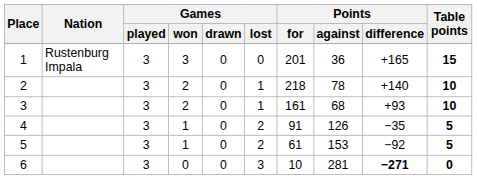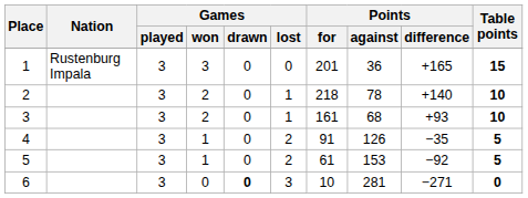 <table class="wikitable">
 <tr>
 <th rowspan=2 width="8%">Place</th>
 <th rowspan=2 width="20%">Nation</th>
 <th colspan=4 width="32%">Games</th>
 <th colspan=3 width="30%">Points</th>
 <th rowspan=2 width="10%">Table<br>points</th>
 </tr>
 <tr>
 <th width="8%">played</th>
 <th width="8%">won</th>
 <th width="8%">drawn</th>
 <th width="8%">lost</th>
 <th width="10%">for</th>
 <th width="10%">against</th>
 <th width="10%">difference</th>
 </tr>
 <tr>
 </tr>
 <tr bgcolor=#ffffff align=center>
 <td>1</td>
 <td align=left> Rustenburg Impala</td>
 <td>3</td>
 <td>3</td>
 <td>0</td>
 <td>0</td>
 <td>201</td>
 <td>36</td>
 <td>+165</td>
 <td><strong>15</strong></td>
 </tr>
 <tr bgcolor=#ffffff align=center>
 <td>2</td>
 <td align=left></td>
 <td>3</td>
 <td>2</td>
 <td>0</td>
 <td>1</td>
 <td>218</td>
 <td>78</td>
 <td>+140</td>
 <td><strong>10</strong></td>
 </tr>
 <tr bgcolor=#ffffff align=center>
 <td>3</td>
 <td align=left></td>
 <td>3</td>
 <td>2</td>
 <td>0</td>
 <td>1</td>
 <td>161</td>
 <td>68</td>
 <td>+93</td>
 <td><strong>10</strong></td>
 </tr>
 <tr bgcolor=#ffffff align=center>
 <td>4</td>
 <td align=left></td>
 <td>3</td>
 <td>1</td>
 <td>0</td>
 <td>2</td>
 <td>91</td>
 <td>126</td>
 <td>−35</td>
 <td><strong>5</strong></td>
 </tr>
 <tr bgcolor=#ffffff align=center>
 <td>5</td>
 <td align=left></td>
 <td>3</td>
 <td>1</td>
 <td>0</td>
 <td>2</td>
 <td>61</td>
 <td>153</td>
 <td>−92</td>
 <td><strong>5</strong></td>
 </tr>
 <tr bgcolor=#ffffff align=center>
 <td>6</td>
 <td align=left></td>
 <td>3</td>
 <td>0</td>
-<td>0</td>
+<td><strong>0</strong></td>
 <td>3</td>
 <td>10</td>
 <td>281</td>
-<td><strong>−271</strong></td>
+<td>−271</td>
 <td><strong>0</strong></td>
 </tr>
 </table>
